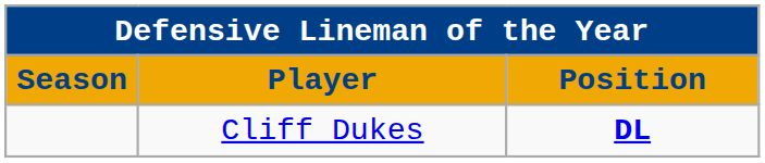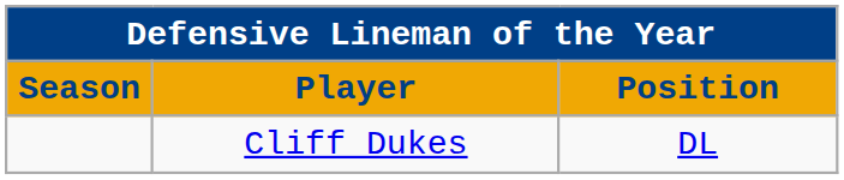 <table class="wikitable sortable" style="text-align:center">
 <tr>
 <td colspan="4" style="background:#003F87; color:#FFFFFF;"><strong>Defensive Lineman of the Year</strong></td>
 </tr>
 <tr>
 <th style="width:50px; background:#F0A804; color:#003F87;">Season</th>
 <th style="width:150px; background:#F0A804; color:#003F87;">Player</th>
 <th style="width:100px; background:#F0A804; color:#003F87;">Position</th>
 </tr>
 <tr>
 <td></td>
 <td><a href='#'>Cliff Dukes</a></td>
-<td><strong><a href='#'>DL</a></strong></td>
+<td><a href='#'>DL</a></td>
 </tr>
 </table>
